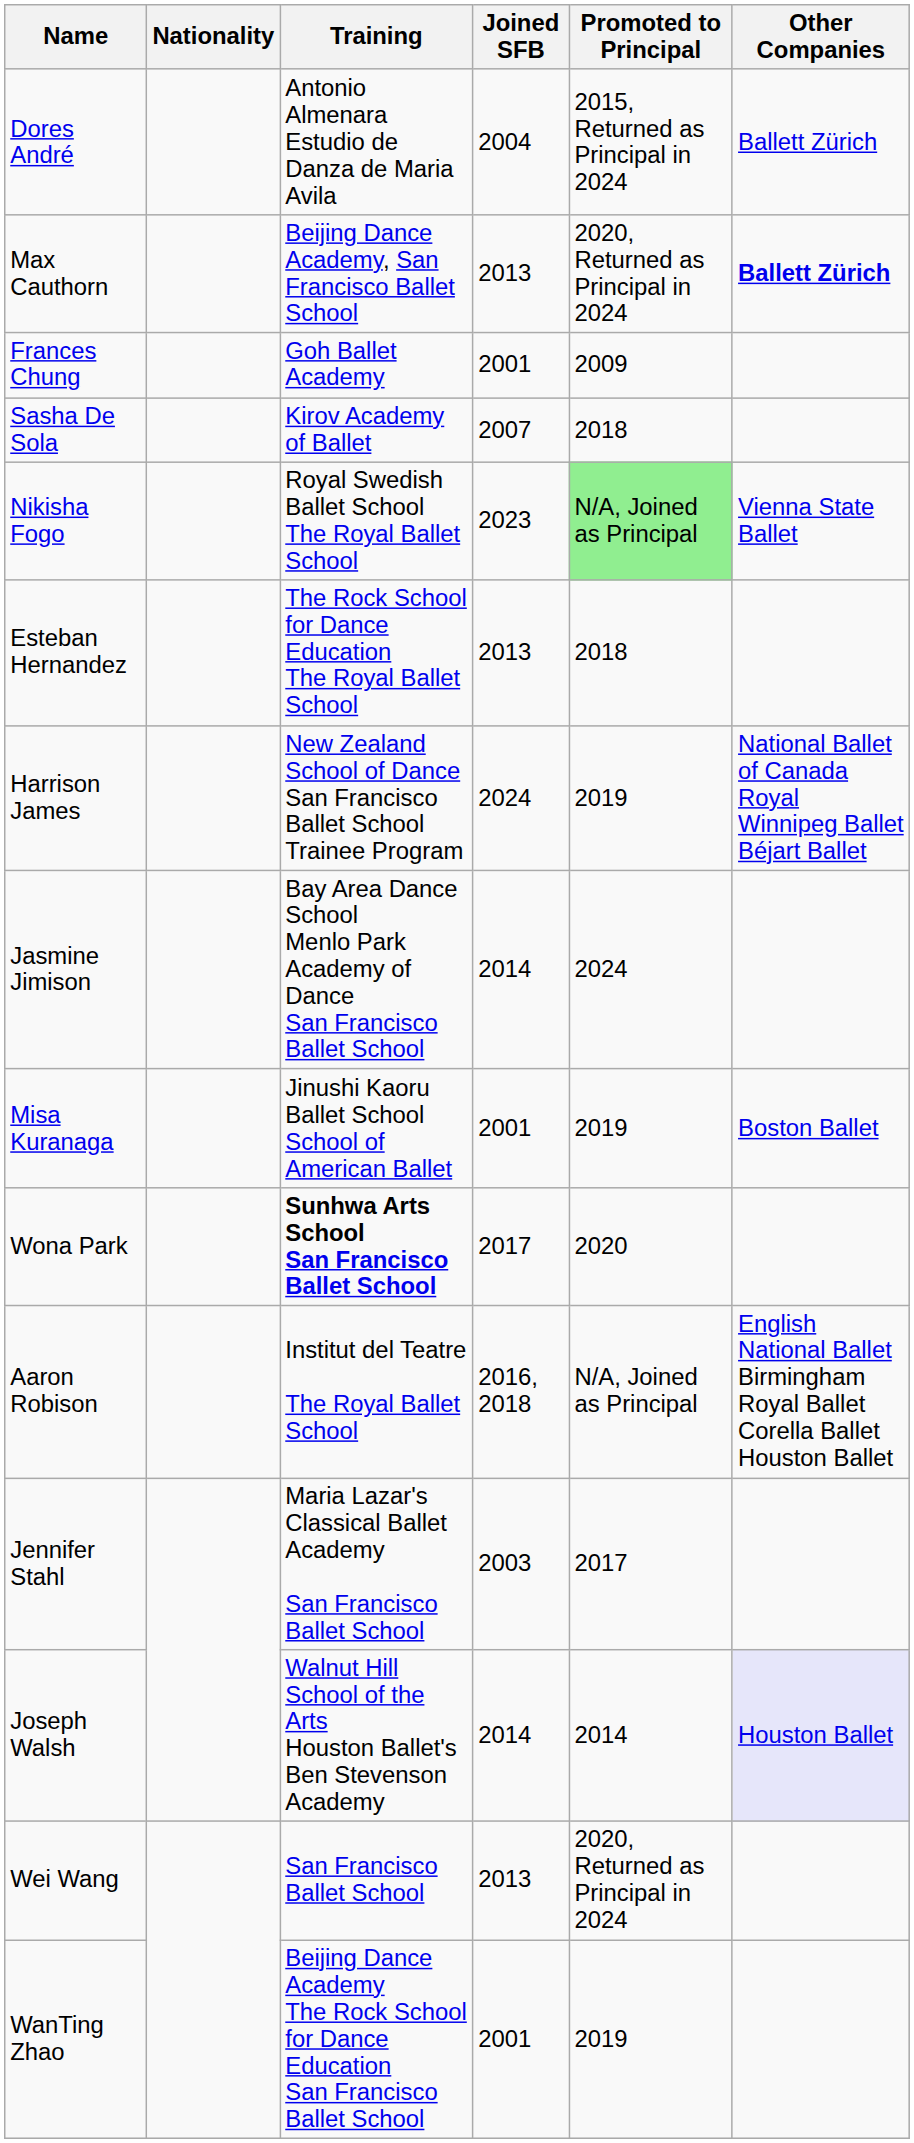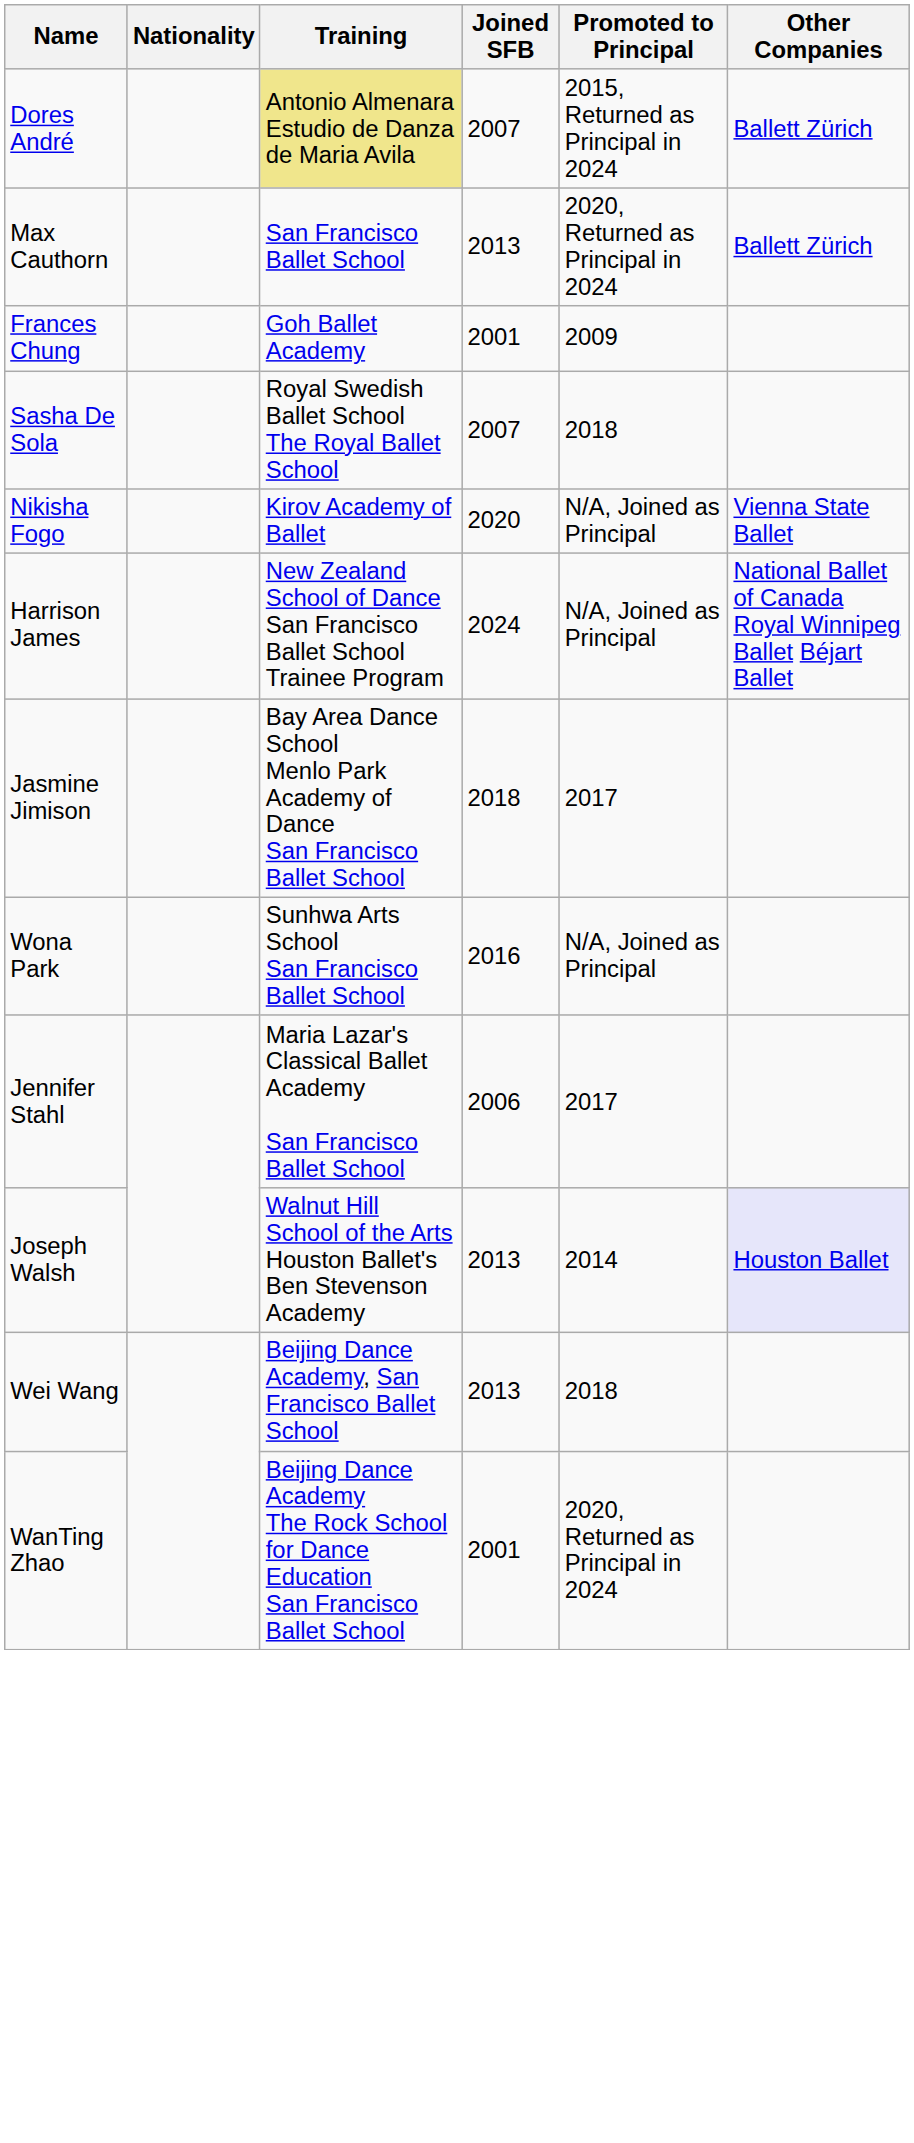 <table class="wikitable">
 <tr>
 <th>Name</th>
 <th>Nationality</th>
 <th>Training</th>
 <th>Joined SFB</th>
 <th>Promoted to Principal</th>
 <th>Other Companies</th>
 </tr>
 <tr>
 <td><a href='#'>Dores André</a></td>
 <td></td>
-<td>Antonio Almenara<br>Estudio de Danza de Maria Avila</td>
-<td>2004</td>
+<td style="background: khaki;">Antonio Almenara<br>Estudio de Danza de Maria Avila</td>
+<td>2007</td>
 <td>2015, Returned as Principal in 2024</td>
 <td><a href='#'>Ballett Zürich</a></td>
 </tr>
 <tr>
 <td>Max Cauthorn</td>
 <td></td>
-<td><a href='#'>Beijing Dance Academy</a>, <a href='#'>San Francisco Ballet School</a></td>
+<td><a href='#'>San Francisco Ballet School</a></td>
 <td>2013</td>
 <td>2020, Returned as Principal in 2024</td>
-<td><strong><a href='#'>Ballett Zürich</a></strong></td>
+<td><a href='#'>Ballett Zürich</a></td>
 </tr>
 <tr>
 <td><a href='#'>Frances Chung</a></td>
 <td></td>
 <td><a href='#'>Goh Ballet Academy</a></td>
 <td>2001</td>
 <td>2009</td>
 <td></td>
 </tr>
 <tr>
 <td><a href='#'>Sasha De Sola</a></td>
 <td></td>
-<td><a href='#'>Kirov Academy of Ballet</a></td>
+<td>Royal Swedish Ballet School<br><a href='#'>The Royal Ballet School</a></td>
 <td>2007</td>
 <td>2018</td>
 <td></td>
 </tr>
 <tr>
 <td><a href='#'>Nikisha Fogo</a></td>
 <td></td>
-<td>Royal Swedish Ballet School<br><a href='#'>The Royal Ballet School</a></td>
-<td>2023</td>
-<td style="background: lightgreen;">N/A, Joined as Principal</td>
+<td><a href='#'>Kirov Academy of Ballet</a></td>
+<td>2020</td>
+<td>N/A, Joined as Principal</td>
 <td><a href='#'>Vienna State Ballet</a></td>
-</tr>
-<tr>
-<td>Esteban Hernandez</td>
-<td></td>
-<td><a href='#'>The Rock School for Dance Education</a><br><a href='#'>The Royal Ballet School</a></td>
-<td>2013</td>
-<td>2018</td>
-<td></td>
 </tr>
 <tr>
 <td>Harrison James</td>
 <td></td>
 <td><a href='#'>New Zealand School of Dance</a><br>San Francisco Ballet School Trainee Program</td>
 <td>2024</td>
-<td>2019</td>
+<td>N/A, Joined as Principal</td>
 <td><a href='#'>National Ballet of Canada</a><br><a href='#'>Royal Winnipeg Ballet</a> <a href='#'>Béjart Ballet</a></td>
 </tr>
 <tr>
 <td>Jasmine Jimison</td>
 <td></td>
 <td>Bay Area Dance School<br>Menlo Park Academy of Dance<br><a href='#'>San Francisco Ballet School</a></td>
-<td>2014</td>
-<td>2024</td>
+<td>2018</td>
+<td>2017</td>
 <td></td>
-</tr>
-<tr>
-<td><a href='#'>Misa Kuranaga</a></td>
-<td></td>
-<td>Jinushi Kaoru Ballet School<br><a href='#'>School of American Ballet</a></td>
-<td>2001</td>
-<td>2019</td>
-<td><a href='#'>Boston Ballet</a></td>
 </tr>
 <tr>
 <td>Wona Park</td>
 <td></td>
-<td><strong>Sunhwa Arts School<br><a href='#'>San Francisco Ballet School</a></strong></td>
-<td>2017</td>
-<td>2020</td>
+<td>Sunhwa Arts School<br><a href='#'>San Francisco Ballet School</a></td>
+<td>2016</td>
+<td>N/A, Joined as Principal</td>
 <td></td>
-</tr>
-<tr>
-<td>Aaron Robison</td>
-<td></td>
-<td>Institut del Teatre<br><br><a href='#'>The Royal Ballet School</a></td>
-<td>2016, 2018</td>
-<td>N/A, Joined as Principal</td>
-<td><a href='#'>English National Ballet</a><br>Birmingham Royal Ballet<br>Corella Ballet<br>Houston Ballet</td>
 </tr>
 <tr>
 <td>Jennifer Stahl</td>
 <td rowspan="2"></td>
 <td>Maria Lazar's Classical Ballet Academy<br><br><a href='#'>San Francisco Ballet School</a></td>
-<td>2003</td>
+<td>2006</td>
 <td>2017</td>
 <td></td>
 </tr>
 <tr>
 <td>Joseph Walsh</td>
 <td><a href='#'>Walnut Hill School of the Arts</a> <br>Houston Ballet's Ben Stevenson Academy<br></td>
-<td>2014</td>
+<td>2013</td>
 <td>2014</td>
 <td style="background: lavender;"><a href='#'>Houston Ballet</a></td>
 </tr>
 <tr>
 <td>Wei Wang</td>
 <td rowspan="2"></td>
-<td><a href='#'>San Francisco Ballet School</a></td>
+<td><a href='#'>Beijing Dance Academy</a>, <a href='#'>San Francisco Ballet School</a></td>
 <td>2013</td>
-<td>2020, Returned as Principal in 2024</td>
+<td>2018</td>
 <td></td>
 </tr>
 <tr>
 <td>WanTing Zhao</td>
 <td><a href='#'>Beijing Dance Academy</a><br><a href='#'>The Rock School for Dance Education</a><br><a href='#'>San Francisco Ballet School</a></td>
 <td>2001</td>
-<td>2019</td>
+<td>2020, Returned as Principal in 2024</td>
 <td></td>
 </tr>
 <tr>
 </tr>
 </table>
